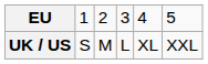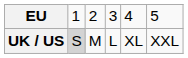 <table class="wikitable">
 <tr>
 <th>EU</th>
 <td>1</td>
 <td>2</td>
 <td>3</td>
 <td>4</td>
 <td>5</td>
 </tr>
 <tr>
 <th>UK / US</th>
-<td>S</td>
+<td style="background: lightgrey;">S</td>
 <td>M</td>
 <td>L</td>
 <td>XL</td>
 <td>XXL</td>
 </tr>
 </table>
